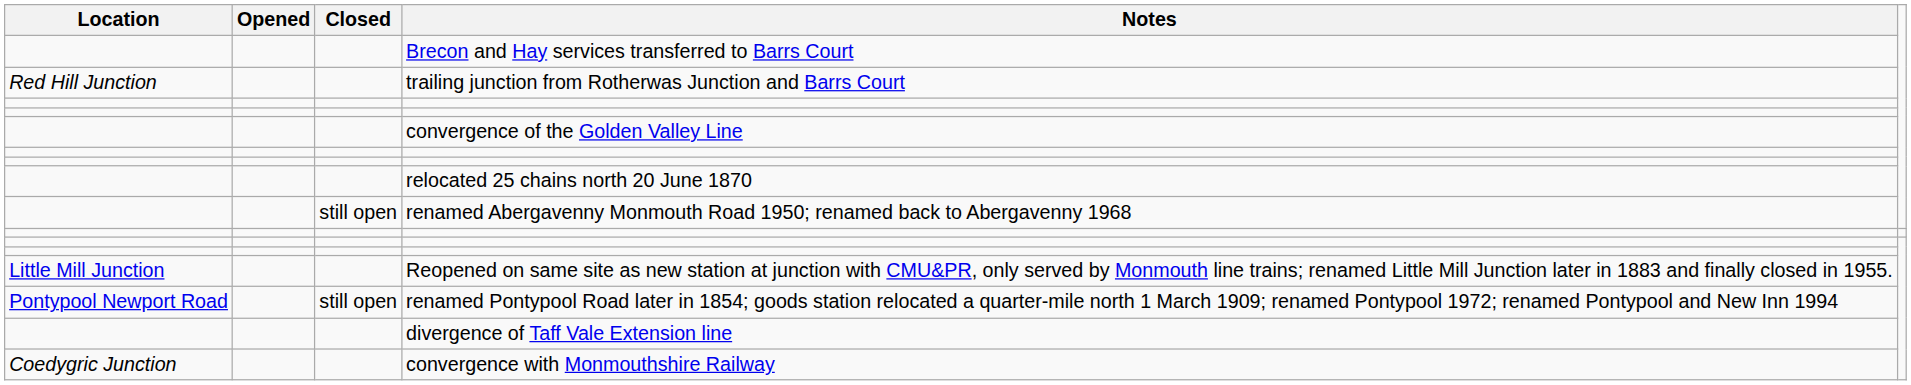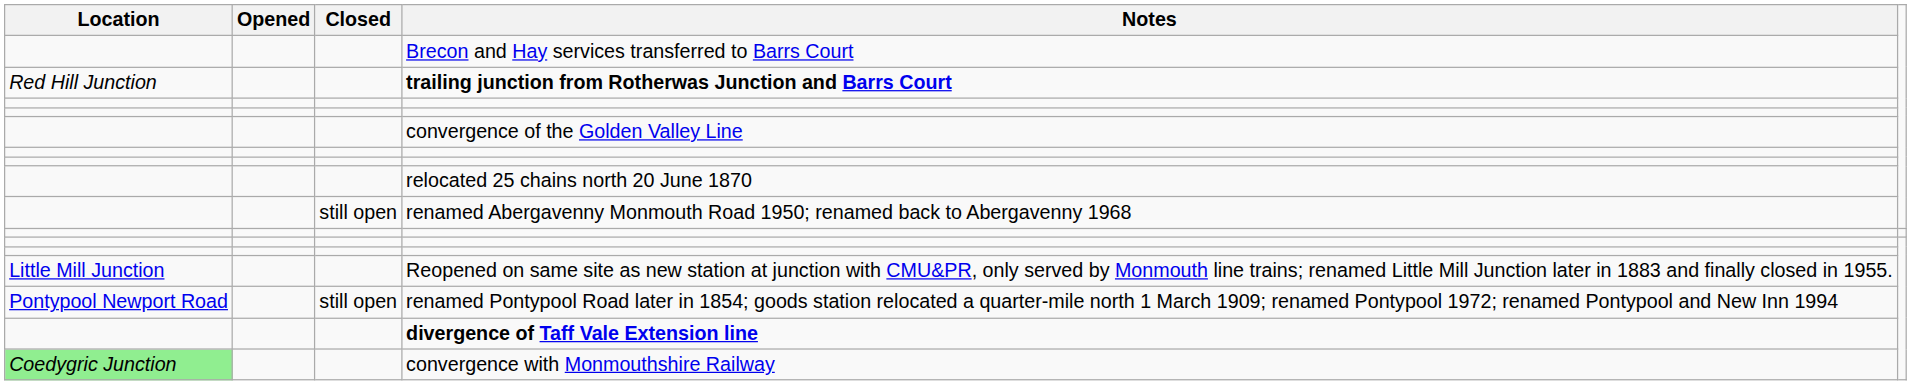 <table class="wikitable sortable">
 <tr>
 <th>Location</th>
 <th>Opened</th>
 <th>Closed</th>
 <th>Notes</th>
 </tr>
 <tr>
 <td></td>
 <td></td>
 <td></td>
 <td><a href='#'>Brecon</a> and <a href='#'>Hay</a> services transferred to <a href='#'>Barrs Court</a></td>
 </tr>
 <tr>
 <td><em>Red Hill Junction</em></td>
 <td></td>
 <td></td>
-<td>trailing junction from Rotherwas Junction and <a href='#'>Barrs Court</a></td>
+<td><strong>trailing junction from Rotherwas Junction and <a href='#'>Barrs Court</a></strong></td>
 </tr>
 <tr>
 <td></td>
 <td></td>
 <td></td>
 <td></td>
 </tr>
 <tr>
 <td></td>
 <td></td>
 <td></td>
 <td></td>
 </tr>
 <tr>
 <td></td>
 <td></td>
 <td></td>
 <td>convergence of the <a href='#'>Golden Valley Line</a></td>
 </tr>
 <tr>
 <td></td>
 <td></td>
 <td></td>
 <td></td>
 </tr>
 <tr>
 <td></td>
 <td></td>
 <td></td>
 <td></td>
 </tr>
 <tr>
 <td></td>
 <td></td>
 <td></td>
 <td>relocated 25 chains north 20 June 1870</td>
 </tr>
 <tr>
 <td></td>
 <td></td>
 <td>still open</td>
 <td>renamed Abergavenny Monmouth Road 1950; renamed back to Abergavenny 1968</td>
 </tr>
 <tr>
 <td></td>
 <td></td>
 <td></td>
 <td></td>
 <td></td>
 </tr>
 <tr>
 <td></td>
 <td></td>
 <td></td>
 <td></td>
 </tr>
 <tr>
 <td></td>
 <td></td>
 <td></td>
 <td></td>
 </tr>
 <tr>
 <td><a href='#'>Little Mill Junction</a></td>
 <td></td>
 <td></td>
 <td>Reopened on same site as new station at junction with <a href='#'>CMU&PR</a>, only served by <a href='#'>Monmouth</a> line trains; renamed Little Mill Junction later in 1883 and finally closed in 1955.</td>
 </tr>
 <tr>
 <td><a href='#'>Pontypool Newport Road</a></td>
 <td></td>
 <td>still open</td>
 <td>renamed Pontypool Road later in 1854; goods station relocated a quarter-mile north 1 March 1909; renamed Pontypool 1972; renamed Pontypool and New Inn 1994</td>
 </tr>
 <tr>
 <td {{rws></td>
 <td></td>
 <td></td>
-<td>divergence of <a href='#'>Taff Vale Extension line</a></td>
+<td><strong>divergence of <a href='#'>Taff Vale Extension line</a></strong></td>
 </tr>
 <tr>
-<td><em>Coedygric Junction</em></td>
+<td style="background: lightgreen;"><em>Coedygric Junction</em></td>
 <td></td>
 <td></td>
 <td>convergence with <a href='#'>Monmouthshire Railway</a></td>
 </tr>
 </table>
